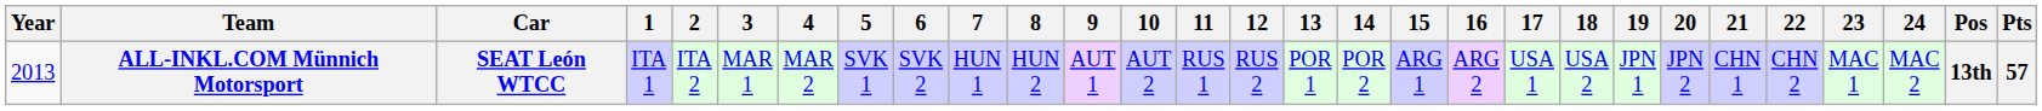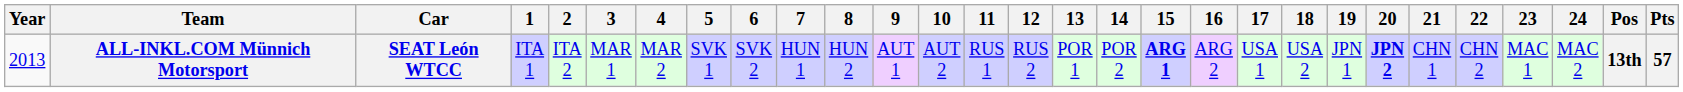 <table class="wikitable" style="text-align:center; font-size:85%">
 <tr>
 <th>Year</th>
 <th>Team</th>
 <th>Car</th>
 <th>1</th>
 <th>2</th>
 <th>3</th>
 <th>4</th>
 <th>5</th>
 <th>6</th>
 <th>7</th>
 <th>8</th>
 <th>9</th>
 <th>10</th>
 <th>11</th>
 <th>12</th>
 <th>13</th>
 <th>14</th>
 <th>15</th>
 <th>16</th>
 <th>17</th>
 <th>18</th>
 <th>19</th>
 <th>20</th>
 <th>21</th>
 <th>22</th>
 <th>23</th>
 <th>24</th>
 <th>Pos</th>
 <th>Pts</th>
 </tr>
 <tr>
 <td><a href='#'>2013</a></td>
 <th><a href='#'>ALL-INKL.COM Münnich Motorsport</a></th>
 <th><a href='#'>SEAT León WTCC</a></th>
 <td style="background:#cfcfff;"><a href='#'>ITA<br>1</a><br></td>
 <td style="background:#dfffdf;"><a href='#'>ITA<br>2</a><br></td>
 <td style="background:#dfffdf;"><a href='#'>MAR<br>1</a><br></td>
 <td style="background:#dfffdf;"><a href='#'>MAR<br>2</a><br></td>
 <td style="background:#cfcfff;"><a href='#'>SVK<br>1</a><br></td>
 <td style="background:#cfcfff;"><a href='#'>SVK<br>2</a><br></td>
 <td style="background:#cfcfff;"><a href='#'>HUN<br>1</a><br></td>
 <td style="background:#cfcfff;"><a href='#'>HUN<br>2</a><br></td>
 <td style="background:#efcfff;"><a href='#'>AUT<br>1</a><br></td>
 <td style="background:#cfcfff;"><a href='#'>AUT<br>2</a><br></td>
 <td style="background:#cfcfff;"><a href='#'>RUS<br>1</a><br></td>
 <td style="background:#cfcfff;"><a href='#'>RUS<br>2</a><br></td>
 <td style="background:#dfffdf;"><a href='#'>POR<br>1</a><br></td>
 <td style="background:#dfffdf;"><a href='#'>POR<br>2</a><br></td>
-<td style="background:#cfcfff;"><a href='#'>ARG<br>1</a><br></td>
+<td style="background:#cfcfff;"><strong><a href='#'>ARG<br>1</a><br></strong></td>
 <td style="background:#efcfff;"><a href='#'>ARG<br>2</a><br></td>
 <td style="background:#dfffdf;"><a href='#'>USA<br>1</a><br></td>
 <td style="background:#dfffdf;"><a href='#'>USA<br>2</a><br></td>
 <td style="background:#dfffdf;"><a href='#'>JPN<br>1</a><br></td>
-<td style="background:#cfcfff;"><a href='#'>JPN<br>2</a><br></td>
+<td style="background:#cfcfff;"><strong><a href='#'>JPN<br>2</a><br></strong></td>
 <td style="background:#cfcfff;"><a href='#'>CHN<br>1</a><br></td>
 <td style="background:#cfcfff;"><a href='#'>CHN<br>2</a><br></td>
 <td style="background:#dfffdf;"><a href='#'>MAC<br>1</a><br></td>
 <td style="background:#dfffdf;"><a href='#'>MAC<br>2</a><br></td>
 <th>13th</th>
 <th>57</th>
 </tr>
 </table>
